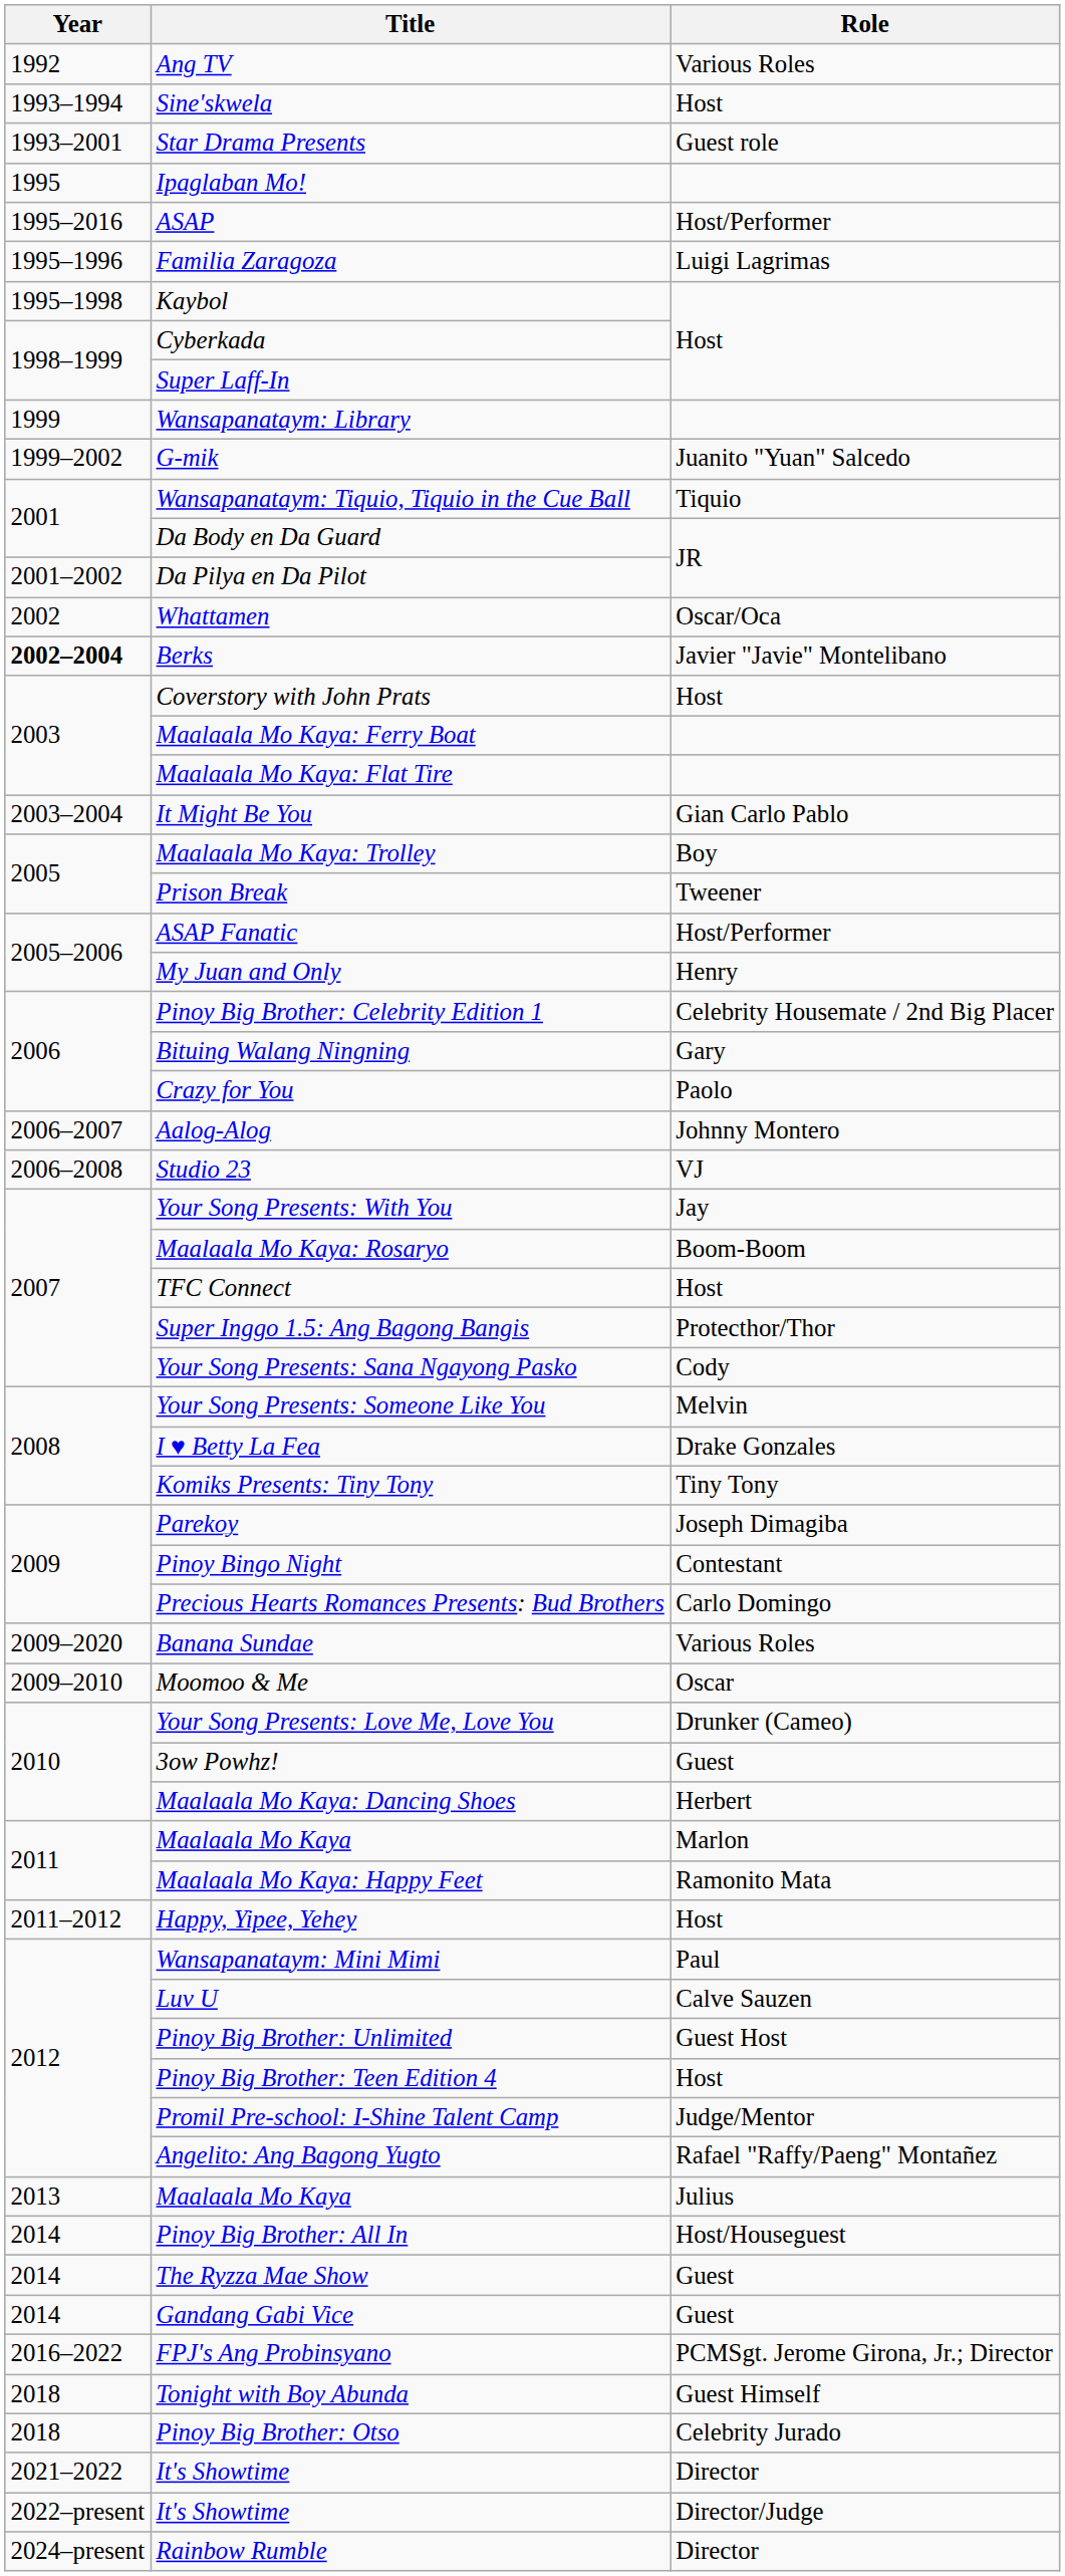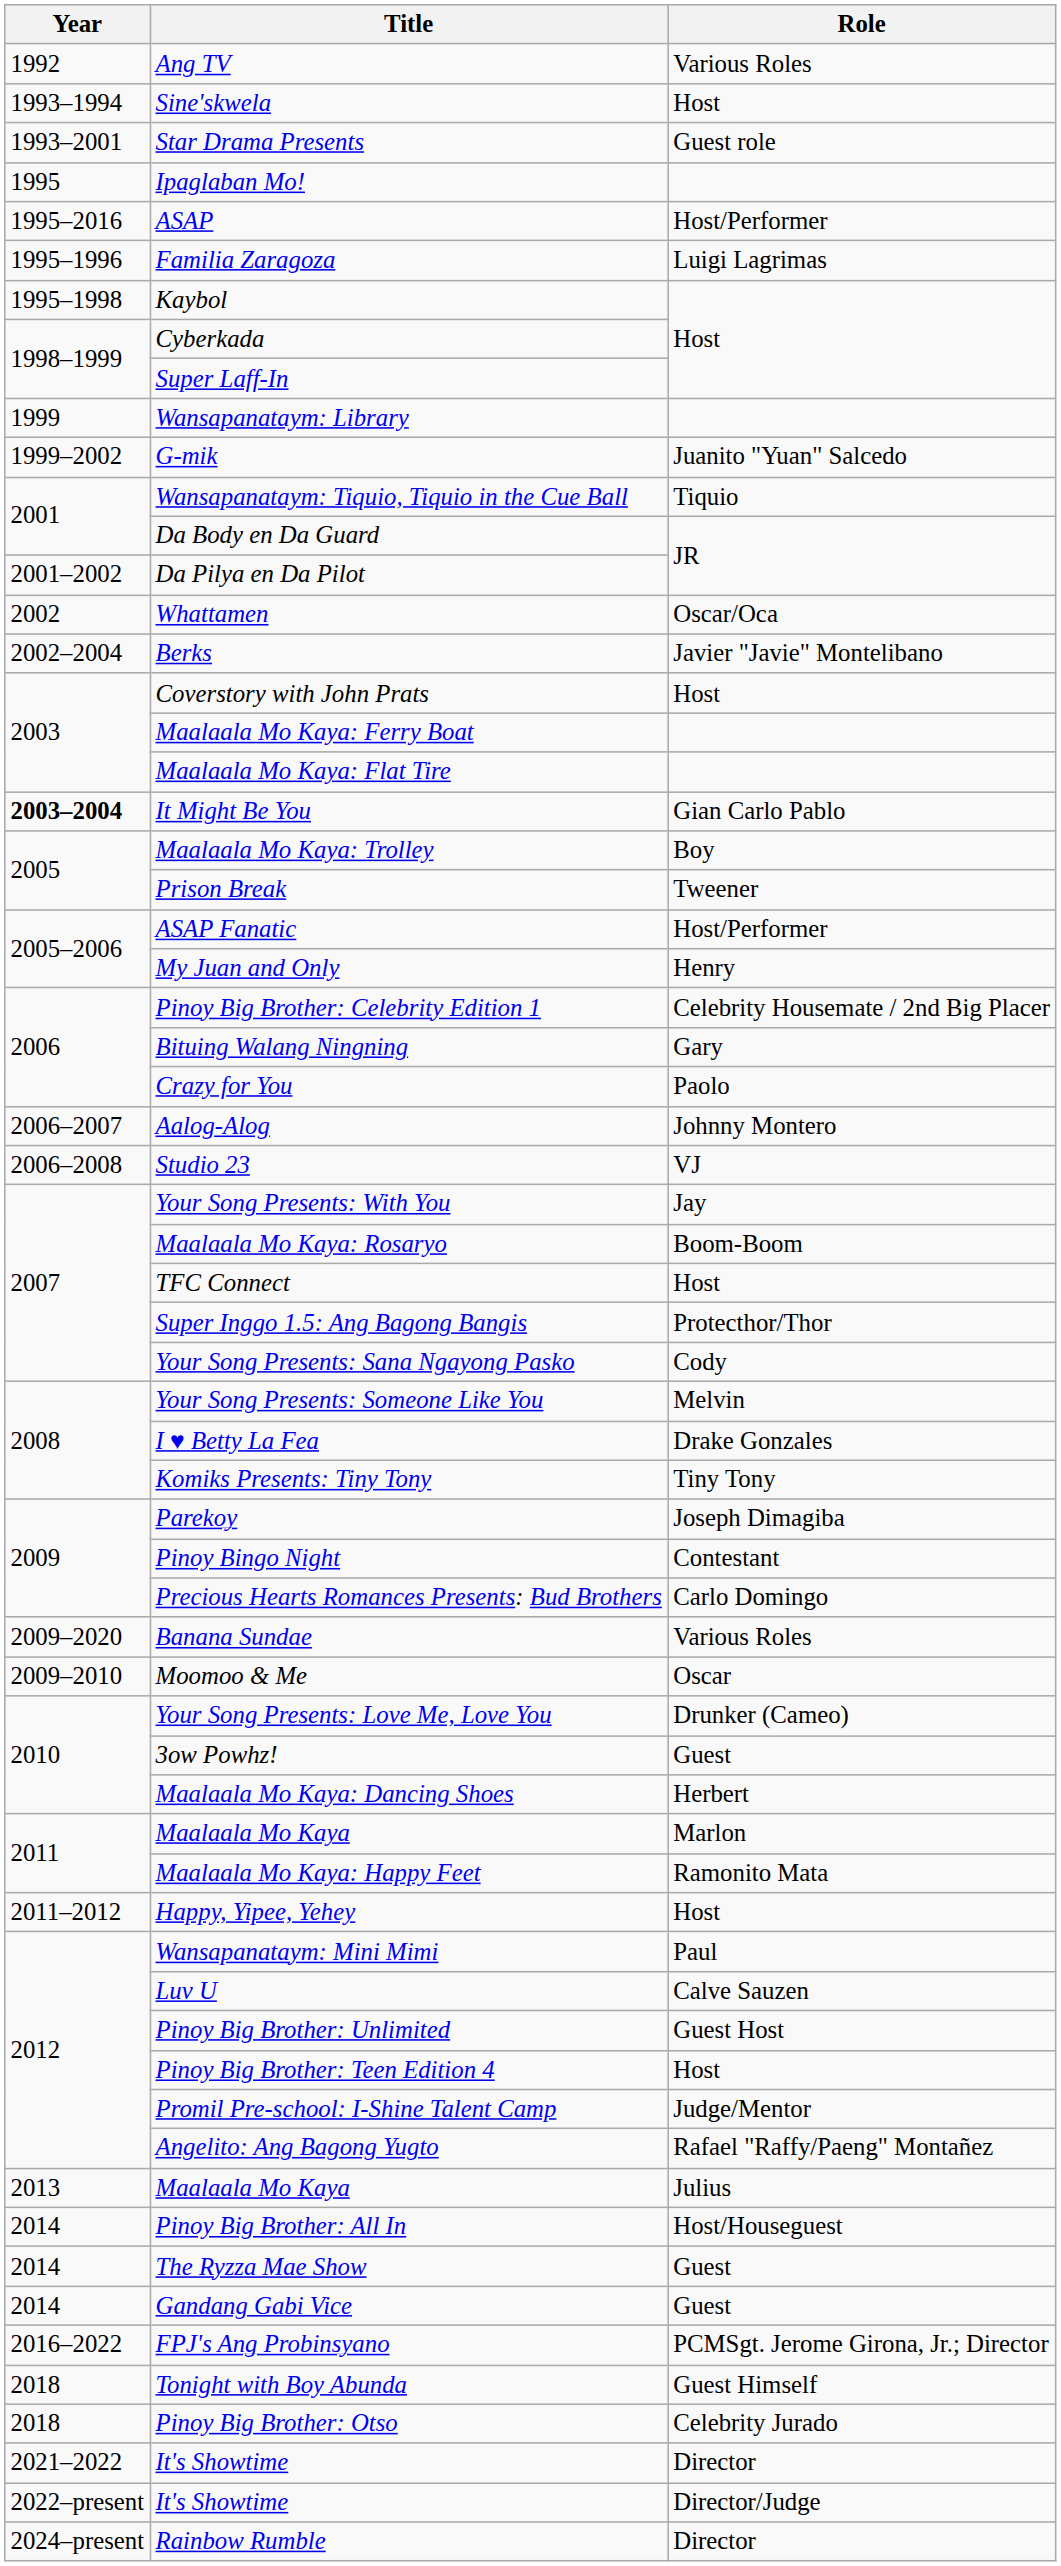 <table class="wikitable">
 <tr>
 <th>Year</th>
 <th>Title</th>
 <th>Role</th>
 </tr>
 <tr>
 <td>1992</td>
 <td><em><a href='#'>Ang TV</a></em></td>
 <td>Various Roles</td>
 </tr>
 <tr>
 <td>1993–1994</td>
 <td><em><a href='#'>Sine'skwela</a></em></td>
 <td>Host</td>
 </tr>
 <tr>
 <td>1993–2001</td>
 <td><em><a href='#'>Star Drama Presents</a></em></td>
 <td>Guest role</td>
 </tr>
 <tr>
 <td>1995</td>
 <td><em><a href='#'>Ipaglaban Mo!</a></em></td>
 <td></td>
 </tr>
 <tr>
 <td>1995–2016</td>
 <td><em><a href='#'>ASAP</a></em></td>
 <td>Host/Performer</td>
 </tr>
 <tr>
 <td>1995–1996</td>
 <td><em><a href='#'>Familia Zaragoza</a></em></td>
 <td>Luigi Lagrimas</td>
 </tr>
 <tr>
 <td>1995–1998</td>
 <td><em>Kaybol</em></td>
 <td rowspan=3>Host</td>
 </tr>
 <tr>
 <td rowspan=2>1998–1999</td>
 <td><em>Cyberkada</em></td>
 </tr>
 <tr>
 <td><em><a href='#'>Super Laff-In</a></em></td>
 </tr>
 <tr>
 <td>1999</td>
 <td><em><a href='#'>Wansapanataym: Library</a></em></td>
 <td></td>
 </tr>
 <tr>
 <td>1999–2002</td>
 <td><em><a href='#'>G-mik</a></em></td>
 <td>Juanito "Yuan" Salcedo</td>
 </tr>
 <tr>
 <td rowspan=2>2001</td>
 <td><em><a href='#'>Wansapanataym: Tiquio, Tiquio in the Cue Ball</a></em></td>
 <td>Tiquio</td>
 </tr>
 <tr>
 <td><em>Da Body en Da Guard</em></td>
 <td rowspan=2>JR</td>
 </tr>
 <tr>
 <td>2001–2002</td>
 <td><em>Da Pilya en Da Pilot</em></td>
 </tr>
 <tr>
 <td>2002</td>
 <td><em><a href='#'>Whattamen</a></em></td>
 <td>Oscar/Oca</td>
 </tr>
 <tr>
-<td><strong>2002–2004</strong></td>
+<td>2002–2004</td>
 <td><em><a href='#'>Berks</a></em></td>
 <td>Javier "Javie" Montelibano</td>
 </tr>
 <tr>
 <td rowspan=3>2003</td>
 <td><em>Coverstory with John Prats</em></td>
 <td>Host</td>
 </tr>
 <tr>
 <td><em><a href='#'>Maalaala Mo Kaya: Ferry Boat</a></em></td>
 <td></td>
 </tr>
 <tr>
 <td><em><a href='#'>Maalaala Mo Kaya: Flat Tire</a></em></td>
 <td></td>
 </tr>
 <tr>
-<td>2003–2004</td>
+<td><strong>2003–2004</strong></td>
 <td><em><a href='#'>It Might Be You</a></em></td>
 <td>Gian Carlo Pablo</td>
 </tr>
 <tr>
 <td rowspan=2>2005</td>
 <td><em><a href='#'>Maalaala Mo Kaya: Trolley</a></em></td>
 <td>Boy</td>
 </tr>
 <tr>
 <td><em><a href='#'>Prison Break</a></em></td>
 <td>Tweener</td>
 </tr>
 <tr>
 <td rowspan=2>2005–2006</td>
 <td><em><a href='#'>ASAP Fanatic</a></em></td>
 <td>Host/Performer</td>
 </tr>
 <tr>
 <td><em><a href='#'>My Juan and Only</a></em></td>
 <td>Henry</td>
 </tr>
 <tr>
 <td rowspan=3>2006</td>
 <td><em><a href='#'>Pinoy Big Brother: Celebrity Edition 1</a></em></td>
 <td>Celebrity Housemate / 2nd Big Placer</td>
 </tr>
 <tr>
 <td><em><a href='#'>Bituing Walang Ningning</a></em></td>
 <td>Gary</td>
 </tr>
 <tr>
 <td><em><a href='#'>Crazy for You</a></em></td>
 <td>Paolo</td>
 </tr>
 <tr>
 <td>2006–2007</td>
 <td><em><a href='#'>Aalog-Alog</a></em></td>
 <td>Johnny Montero</td>
 </tr>
 <tr>
 <td>2006–2008</td>
 <td><em><a href='#'>Studio 23</a></em></td>
 <td>VJ</td>
 </tr>
 <tr>
 <td rowspan=5>2007</td>
 <td><em><a href='#'>Your Song Presents: With You</a></em></td>
 <td>Jay</td>
 </tr>
 <tr>
 <td><em><a href='#'>Maalaala Mo Kaya: Rosaryo</a></em></td>
 <td>Boom-Boom</td>
 </tr>
 <tr>
 <td><em>TFC Connect</em></td>
 <td>Host</td>
 </tr>
 <tr>
 <td><em><a href='#'>Super Inggo 1.5: Ang Bagong Bangis</a></em></td>
 <td>Protecthor/Thor</td>
 </tr>
 <tr>
 <td><em><a href='#'>Your Song Presents: Sana Ngayong Pasko</a></em></td>
 <td>Cody</td>
 </tr>
 <tr>
 <td rowspan=3>2008</td>
 <td><em><a href='#'>Your Song Presents: Someone Like You</a></em></td>
 <td>Melvin</td>
 </tr>
 <tr>
 <td><em><a href='#'>I ♥ Betty La Fea</a></em></td>
 <td>Drake Gonzales</td>
 </tr>
 <tr>
 <td><em><a href='#'>Komiks Presents: Tiny Tony</a></em></td>
 <td>Tiny Tony</td>
 </tr>
 <tr>
 <td rowspan=3>2009</td>
 <td><em><a href='#'>Parekoy</a></em></td>
 <td>Joseph Dimagiba</td>
 </tr>
 <tr>
 <td><em><a href='#'>Pinoy Bingo Night</a></em></td>
 <td>Contestant</td>
 </tr>
 <tr>
 <td><em><a href='#'>Precious Hearts Romances Presents</a>: <a href='#'>Bud Brothers</a></em></td>
 <td>Carlo Domingo</td>
 </tr>
 <tr>
 <td>2009–2020</td>
 <td><em><a href='#'>Banana Sundae</a></em></td>
 <td>Various Roles</td>
 </tr>
 <tr>
 <td>2009–2010</td>
 <td><em>Moomoo & Me</em></td>
 <td>Oscar </td>
 </tr>
 <tr>
 <td rowspan="3">2010</td>
 <td><em><a href='#'>Your Song Presents: Love Me, Love You</a></em></td>
 <td>Drunker (Cameo)</td>
 </tr>
 <tr>
 <td><em>3ow Powhz!</em></td>
 <td>Guest</td>
 </tr>
 <tr>
 <td><em><a href='#'>Maalaala Mo Kaya: Dancing Shoes</a></em></td>
 <td>Herbert</td>
 </tr>
 <tr>
 <td rowspan=2>2011</td>
 <td><em><a href='#'>Maalaala Mo Kaya</a></em></td>
 <td>Marlon</td>
 </tr>
 <tr>
 <td><em><a href='#'>Maalaala Mo Kaya: Happy Feet</a></em></td>
 <td>Ramonito Mata</td>
 </tr>
 <tr>
 <td>2011–2012</td>
 <td><em><a href='#'>Happy, Yipee, Yehey</a></em></td>
 <td>Host</td>
 </tr>
 <tr>
 <td rowspan="6">2012</td>
 <td><em><a href='#'>Wansapanataym: Mini Mimi</a></em></td>
 <td>Paul</td>
 </tr>
 <tr>
 <td><em><a href='#'>Luv U</a></em></td>
 <td>Calve Sauzen</td>
 </tr>
 <tr>
 <td><em><a href='#'>Pinoy Big Brother: Unlimited</a></em></td>
 <td>Guest Host</td>
 </tr>
 <tr>
 <td><em><a href='#'>Pinoy Big Brother: Teen Edition 4</a></em></td>
 <td>Host</td>
 </tr>
 <tr>
 <td><em><a href='#'>Promil Pre-school: I-Shine Talent Camp</a></em></td>
 <td>Judge/Mentor</td>
 </tr>
 <tr>
 <td><em><a href='#'>Angelito: Ang Bagong Yugto</a></em></td>
 <td>Rafael "Raffy/Paeng" Montañez</td>
 </tr>
 <tr>
 <td>2013</td>
 <td><em><a href='#'>Maalaala Mo Kaya</a></em></td>
 <td>Julius</td>
 </tr>
 <tr>
 <td>2014</td>
 <td><em><a href='#'>Pinoy Big Brother: All In</a></em></td>
 <td>Host/Houseguest</td>
 </tr>
 <tr>
 <td>2014</td>
 <td><em><a href='#'>The Ryzza Mae Show</a></em></td>
 <td>Guest</td>
 </tr>
 <tr>
 <td>2014</td>
 <td><em><a href='#'>Gandang Gabi Vice</a></em></td>
 <td>Guest</td>
 </tr>
 <tr>
 <td>2016–2022</td>
 <td><em><a href='#'>FPJ's Ang Probinsyano</a></em></td>
 <td>PCMSgt. Jerome Girona, Jr.; Director</td>
 </tr>
 <tr>
 <td>2018</td>
 <td><em><a href='#'>Tonight with Boy Abunda</a></em></td>
 <td>Guest Himself</td>
 </tr>
 <tr>
 <td>2018</td>
 <td><em><a href='#'>Pinoy Big Brother: Otso</a></em></td>
 <td>Celebrity Jurado</td>
 </tr>
 <tr>
 <td>2021–2022</td>
 <td><em><a href='#'>It's Showtime</a></em></td>
 <td>Director</td>
 </tr>
 <tr>
 <td>2022–present</td>
 <td><em><a href='#'>It's Showtime</a></em></td>
 <td>Director/Judge</td>
 </tr>
 <tr>
 <td>2024–present</td>
 <td><em><a href='#'>Rainbow Rumble</a></em></td>
 <td>Director</td>
 </tr>
 </table>
